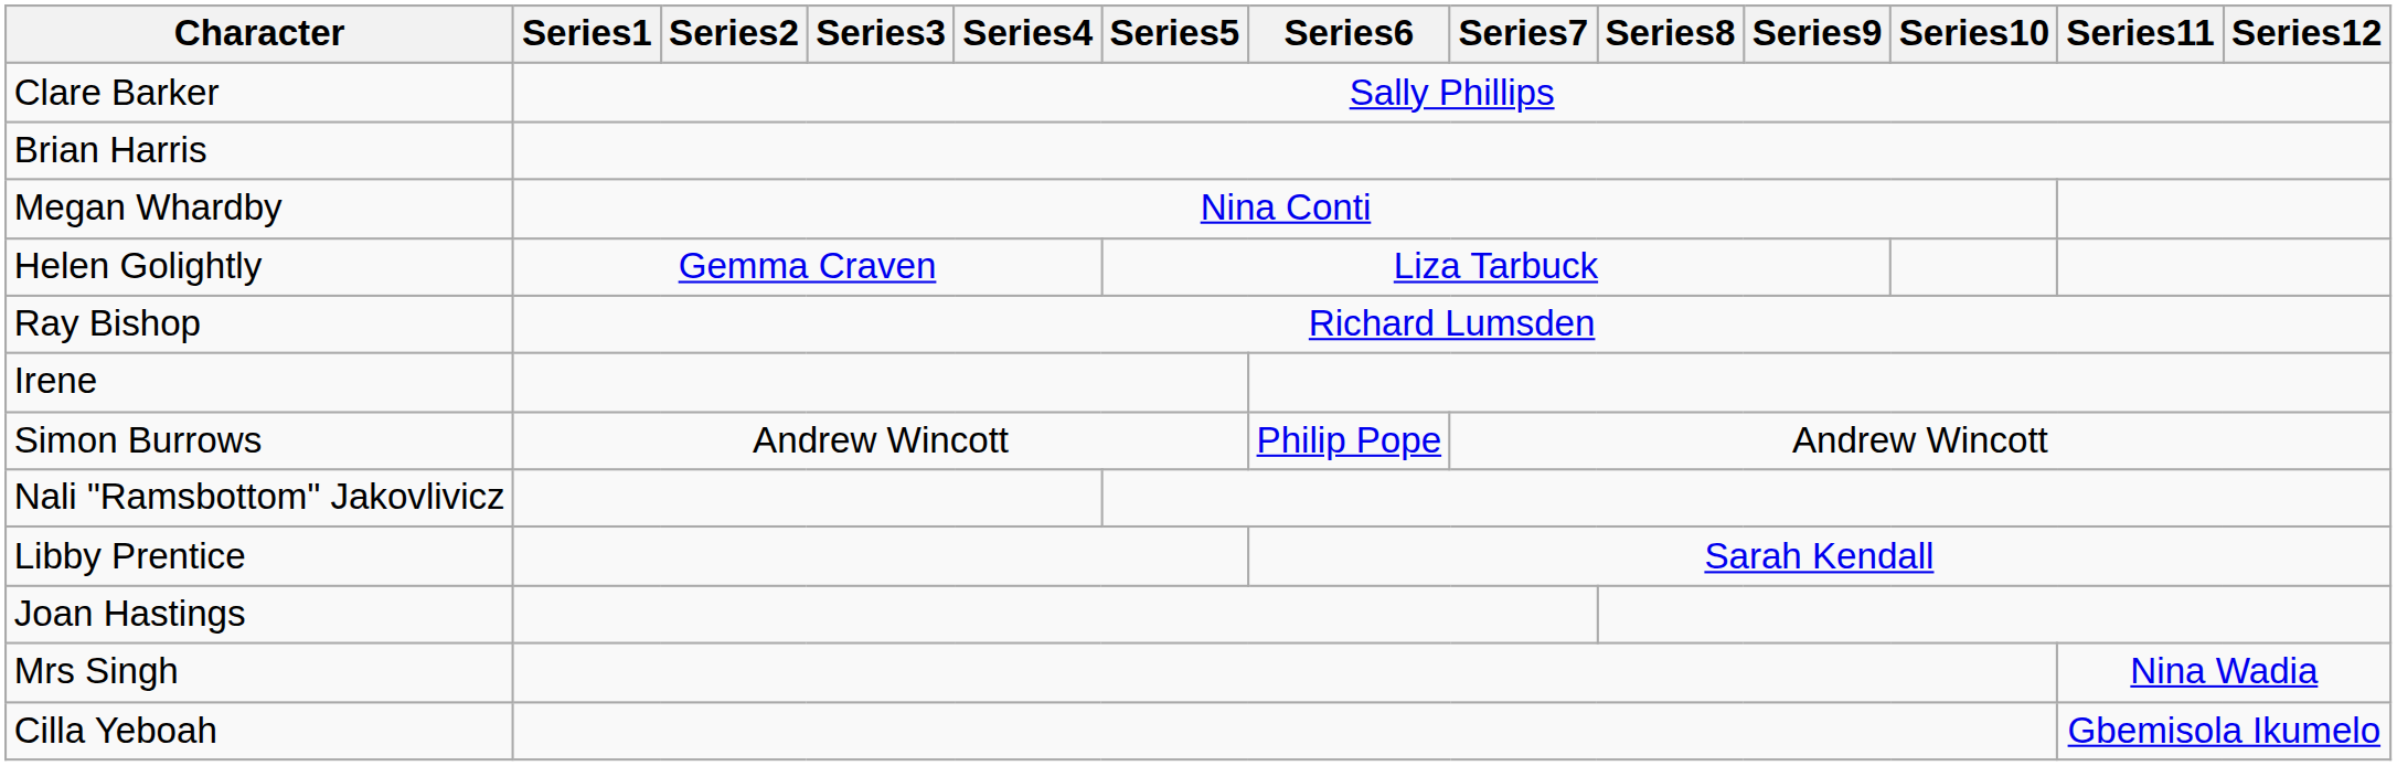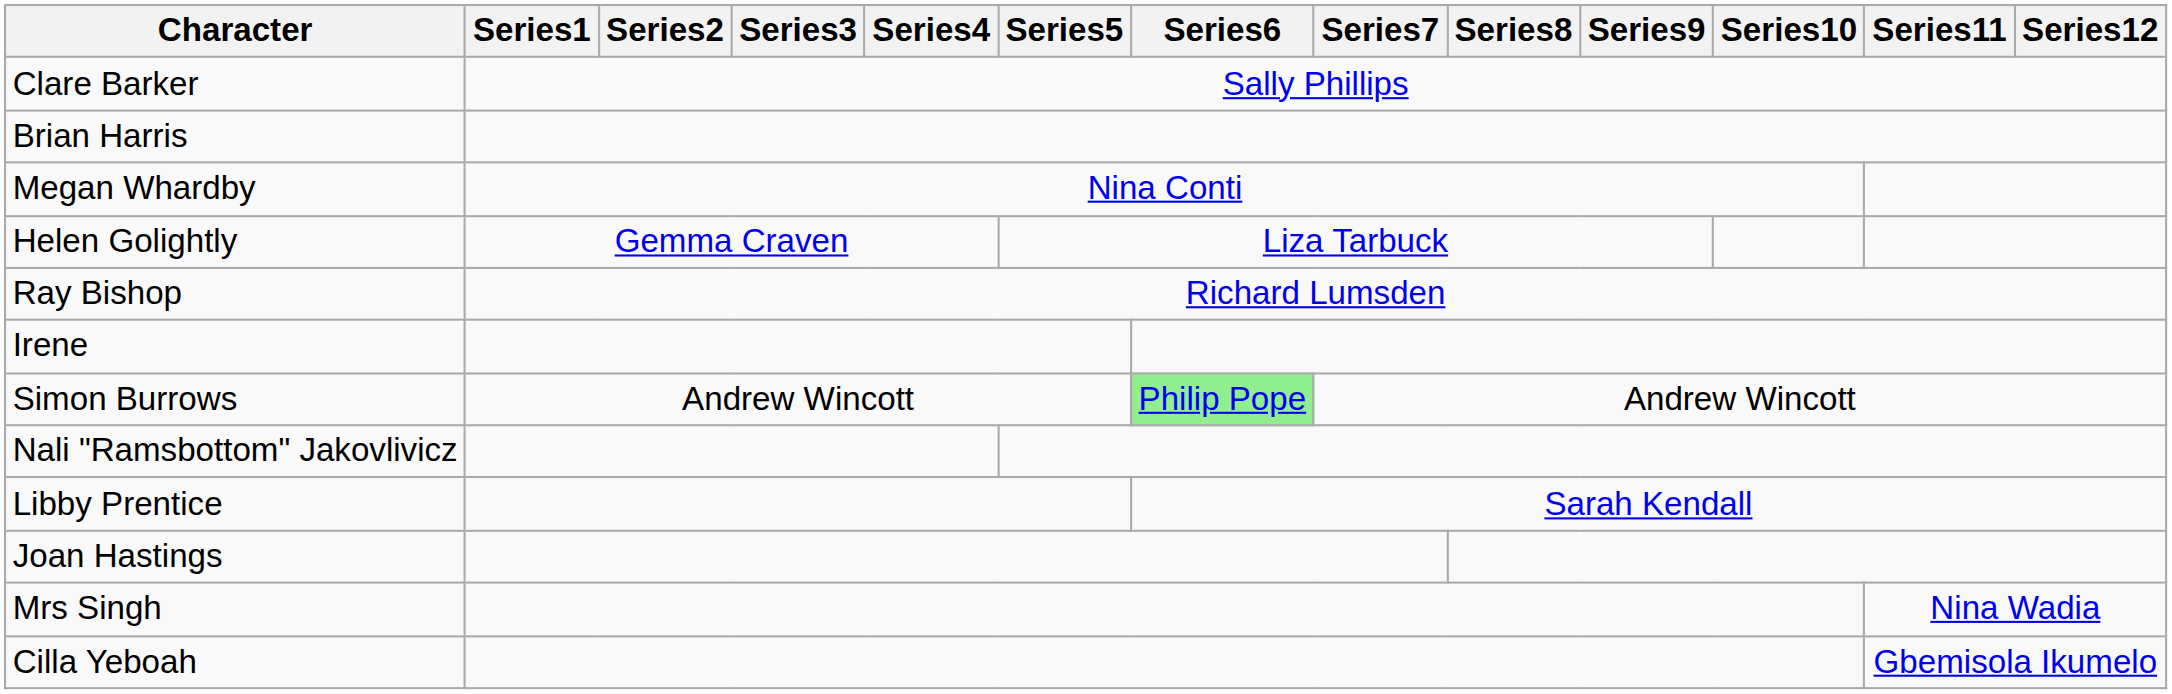 <table class="wikitable">
 <tr>
 <th>Character</th>
 <th>Series1</th>
 <th>Series2</th>
 <th>Series3</th>
 <th>Series4</th>
 <th>Series5</th>
 <th>Series6</th>
 <th>Series7</th>
 <th>Series8</th>
 <th>Series9</th>
 <th>Series10</th>
 <th>Series11</th>
 <th>Series12</th>
 </tr>
 <tr>
 <td>Clare Barker</td>
 <td colspan="12" style="text-align:center;"><a href='#'>Sally Phillips</a></td>
 </tr>
 <tr>
 <td>Brian Harris</td>
 <td colspan="12"></td>
 </tr>
 <tr>
 <td>Megan Whardby</td>
 <td colspan="10" style="text-align:center;"><a href='#'>Nina Conti</a></td>
 <td colspan="2"></td>
 </tr>
 <tr>
 <td>Helen Golightly</td>
 <td colspan="4" style="text-align:center;"><a href='#'>Gemma Craven</a></td>
 <td colspan="5" style="text-align:center;"><a href='#'>Liza Tarbuck</a></td>
 <td></td>
 <td colspan="2"></td>
 </tr>
 <tr>
 <td>Ray Bishop</td>
 <td colspan="12" style="text-align:center;"><a href='#'>Richard Lumsden</a></td>
 </tr>
 <tr>
 <td>Irene</td>
 <td colspan="5"></td>
 <td colspan="7"></td>
 </tr>
 <tr>
 <td>Simon Burrows</td>
 <td colspan="5" style="text-align:center;">Andrew Wincott</td>
-<td><a href='#'>Philip Pope</a></td>
+<td style="background: lightgreen;"><a href='#'>Philip Pope</a></td>
 <td colspan="6" style="text-align:center;">Andrew Wincott</td>
 </tr>
 <tr>
 <td>Nali "Ramsbottom" Jakovlivicz</td>
 <td colspan="4”"></td>
 <td colspan="8”"></td>
 </tr>
 <tr>
 <td>Libby Prentice</td>
 <td colspan="5"></td>
 <td colspan="7" style="text-align:center;"><a href='#'>Sarah Kendall</a></td>
 </tr>
 <tr>
 <td>Joan Hastings</td>
 <td colspan="7"></td>
 <td colspan="5" style="text-align:center;"></td>
 </tr>
 <tr>
 <td>Mrs Singh</td>
 <td colspan="10"></td>
 <td colspan="2" style="text-align:center;"><a href='#'>Nina Wadia</a></td>
 </tr>
 <tr>
 <td>Cilla Yeboah</td>
 <td colspan="10"></td>
 <td colspan="2" style="text-align:center;"><a href='#'>Gbemisola Ikumelo</a></td>
 </tr>
 </table>
